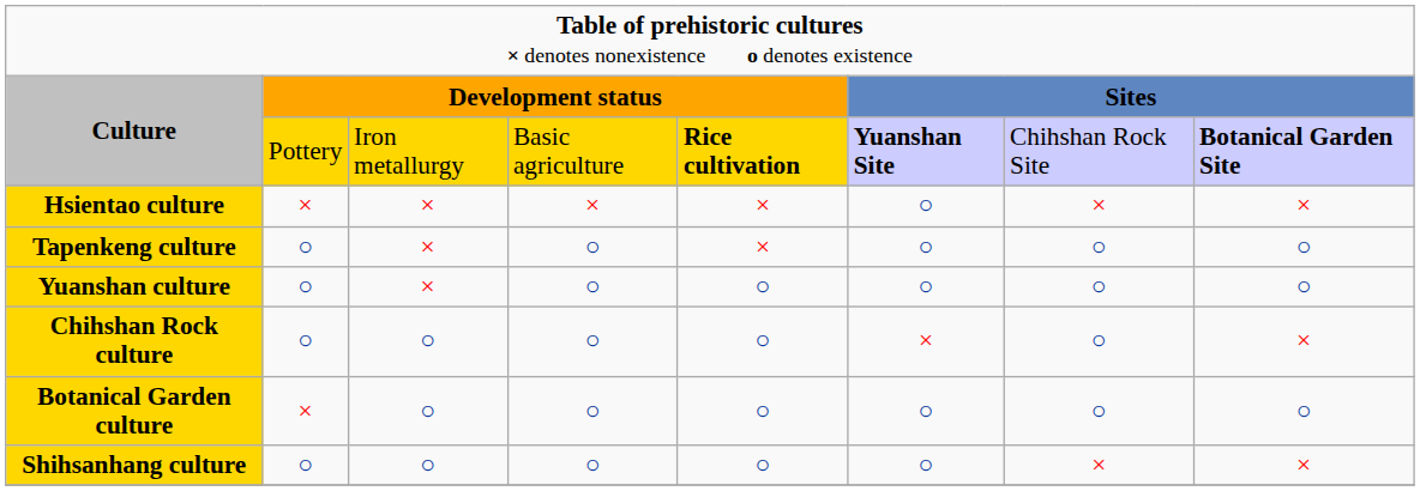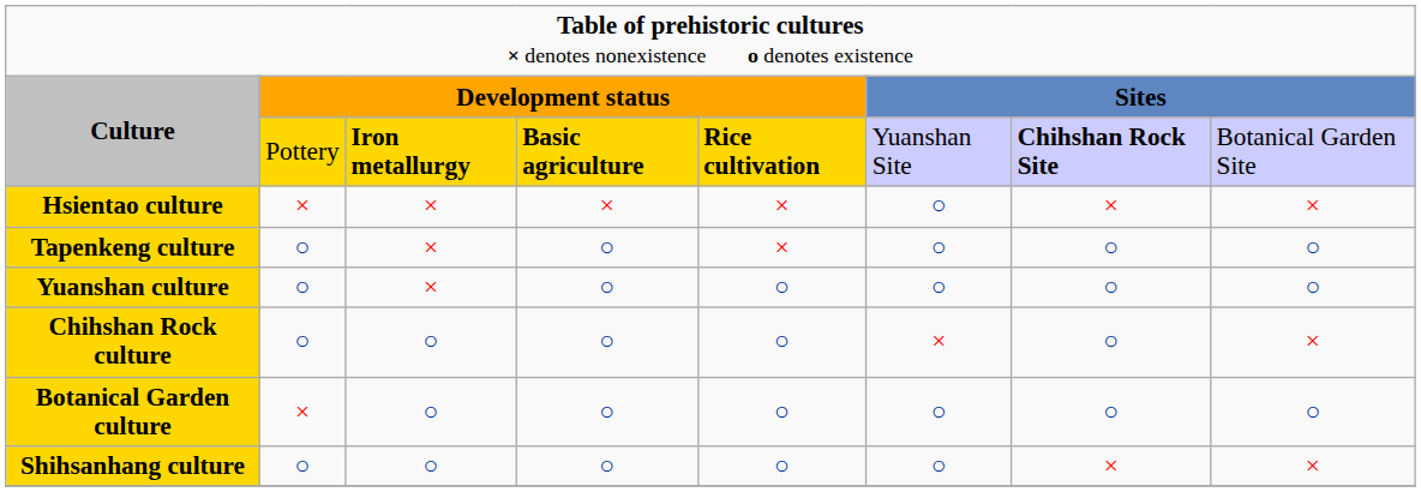 <table class=wikitable style="margin: 1em auto;">
 <tr>
 <td colspan=10 align=center><strong>Table of prehistoric cultures</strong><br><small><span><strong>×</strong> denotes nonexistence</span>　　<span><strong>o</strong> denotes existence</span></small></td>
 </tr>
 <tr align=center>
 <td rowspan=2 bgcolor=silver><strong>Culture</strong></td>
 <td colspan=4 bgcolor=#FFA500><strong>Development status</strong></td>
 <td colspan=3 bgcolor=#5E86C1><strong>Sites</strong></td>
 </tr>
 <tr>
 <td bgcolor=#FFD700>Pottery</td>
-<td bgcolor=#FFD700>Iron metallurgy</td>
-<td bgcolor=#FFD700>Basic agriculture</td>
+<td bgcolor=#FFD700><strong>Iron metallurgy</strong></td>
+<td bgcolor=#FFD700><strong>Basic agriculture</strong></td>
 <td bgcolor=#FFD700><strong>Rice cultivation</strong></td>
-<td bgcolor=#ccccff><strong>Yuanshan Site</strong></td>
-<td bgcolor=#ccccff>Chihshan Rock Site</td>
-<td bgcolor=#ccccff><strong>Botanical Garden Site</strong></td>
+<td bgcolor=#ccccff>Yuanshan Site</td>
+<td bgcolor=#ccccff><strong>Chihshan Rock Site</strong></td>
+<td bgcolor=#ccccff>Botanical Garden Site</td>
 </tr>
 <tr align=center>
 <td bgcolor=#FFD700><strong>Hsientao culture</strong></td>
 <td style="#FFD700;color:red">×</td>
 <td style="color:red">×</td>
 <td style="color:red">×</td>
 <td style="color:red">×</td>
 <td style="color:#039">○</td>
 <td style="color:red">×</td>
 <td style="color:red">×</td>
 </tr>
 <tr align=center>
 <td bgcolor=#FFD700><strong>Tapenkeng culture</strong></td>
 <td style="color:#039">○</td>
 <td style="color:red">×</td>
 <td style="color:#039">○</td>
 <td style="color:red">×</td>
 <td style="color:#039">○</td>
 <td style="color:#039">○</td>
 <td style="color:#039">○</td>
 </tr>
 <tr align=center>
 <td bgcolor=#FFD700><strong>Yuanshan culture</strong></td>
 <td style="color:#039">○</td>
 <td style="color:red">×</td>
 <td style="color:#039">○</td>
 <td style="color:#039">○</td>
 <td style="color:#039">○</td>
 <td style="color:#039">○</td>
 <td style="color:#039">○</td>
 </tr>
 <tr align=center>
 <td bgcolor=#FFD700><strong>Chihshan Rock culture</strong></td>
 <td style="color:#039">○</td>
 <td style="color:#039">○</td>
 <td style="color:#039">○</td>
 <td style="color:#039">○</td>
 <td style="color:red">×</td>
 <td style="color:#039">○</td>
 <td style="color:red">×</td>
 </tr>
 <tr align=center>
 <td bgcolor=#FFD700><strong>Botanical Garden culture</strong></td>
 <td style="color:red">×</td>
 <td style="color:#039">○</td>
 <td style="color:#039">○</td>
 <td style="color:#039">○</td>
 <td style="color:#039">○</td>
 <td style="color:#039">○</td>
 <td style="color:#039">○</td>
 </tr>
 <tr align=center>
 <td bgcolor=#FFD700><strong>Shihsanhang culture</strong></td>
 <td style="color:#039">○</td>
 <td style="color:#039">○</td>
 <td style="color:#039">○</td>
 <td style="color:#039">○</td>
 <td style="color:#039">○</td>
 <td style="color:red">×</td>
 <td style="color:red">×</td>
 </tr>
 <tr>
 </tr>
 </table>
